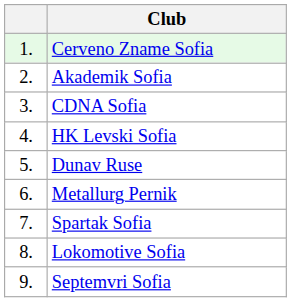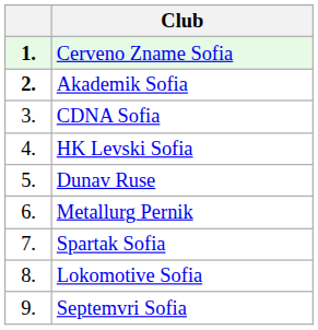 <table class="wikitable">
 <tr>
 <th width="30"></th>
 <th width="200">Club</th>
 </tr>
 <tr bgcolor="#e6fae6" align="center">
-<td>1.</td>
+<td><strong>1.</strong></td>
 <td align="left"><a href='#'>Cerveno Zname Sofia</a></td>
 </tr>
 <tr bgcolor="#FFFFFF" align="center">
-<td>2.</td>
+<td><strong>2.</strong></td>
 <td align="left"><a href='#'>Akademik Sofia</a></td>
 </tr>
 <tr bgcolor="#FFFFFF" align="center">
 <td>3.</td>
 <td align="left"><a href='#'>CDNA Sofia</a></td>
 </tr>
 <tr bgcolor="#FFFFFF" align="center">
 <td>4.</td>
 <td align="left"><a href='#'>HK Levski Sofia</a></td>
 </tr>
 <tr bgcolor="#FFFFFF" align="center">
 <td>5.</td>
 <td align="left"><a href='#'>Dunav Ruse</a></td>
 </tr>
 <tr bgcolor="#FFFFFF" align="center">
 <td>6.</td>
 <td align="left"><a href='#'>Metallurg Pernik</a></td>
 </tr>
 <tr bgcolor="#FFFFFF" align="center">
 <td>7.</td>
 <td align="left"><a href='#'>Spartak Sofia</a></td>
 </tr>
 <tr bgcolor="#FFFFFF" align="center">
 <td>8.</td>
 <td align="left"><a href='#'>Lokomotive Sofia</a></td>
 </tr>
 <tr bgcolor="#FFFFFF" align="center">
 <td>9.</td>
 <td align="left"><a href='#'>Septemvri Sofia</a></td>
 </tr>
 </table>
